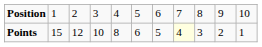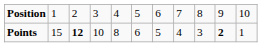 <table class="wikitable" style="font-size: 90%;">
 <tr>
 <td><strong>Position</strong></td>
 <td width=20>1</td>
 <td width=20>2</td>
 <td width=20>3</td>
 <td width=20>4</td>
 <td width=20>5</td>
 <td width=20>6</td>
 <td width=20>7</td>
 <td width=20>8</td>
 <td width=20>9</td>
 <td width=20>10</td>
 </tr>
 <tr>
 <td><strong>Points<em></td>
 <td>15</td>
-<td>12</td>
+<td><strong>12</strong></td>
 <td>10</td>
 <td>8</td>
 <td>6</td>
 <td>5</td>
-<td style="background: lightyellow;">4</td>
+<td>4</td>
 <td>3</td>
-<td>2</td>
+<td><strong>2</strong></td>
 <td>1</td>
 </tr>
 </table>
